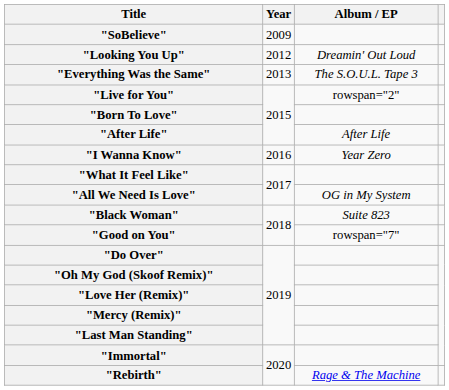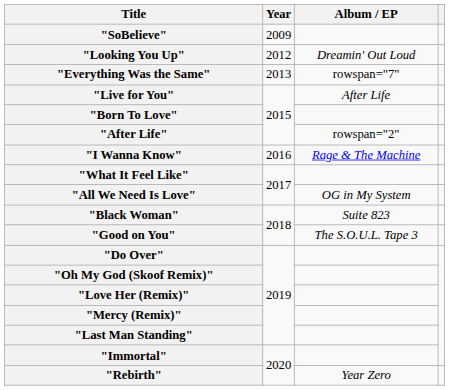 <table class="wikitable plainrowheaders" style="text-align:center;">
 <tr>
 <th scope="col", style="width:320px;">Title</th>
 <th scope="col">Year</th>
 <th scope="col", style="width:175px;">Album / EP</th>
 <th scope="col"></th>
 </tr>
 <tr>
 <th scope="row">"SoBelieve"<br></th>
 <td style="text-align:center;">2009</td>
 <td></td>
 <td style="text-align:center;"></td>
 </tr>
 <tr>
 <th scope="row">"Looking You Up"<br></th>
 <td style="text-align:center;">2012</td>
 <td><em>Dreamin' Out Loud</em></td>
 <td style="text-align:center;"></td>
 </tr>
 <tr>
 <th scope="row">"Everything Was the Same"<br></th>
 <td style="text-align:center;">2013</td>
-<td><em>The S.O.U.L. Tape 3</em></td>
+<td>rowspan="7" </td>
 <td style="text-align:center;"></td>
 </tr>
 <tr>
 <th scope="row">"Live for You"<br></th>
 <td rowspan="3", style="text-align:center;">2015</td>
-<td>rowspan="2" </td>
+<td><em>After Life</em></td>
 <td style="text-align:center;"></td>
 </tr>
 <tr>
 <th scope="row">"Born To Love"<br></th>
 <td style="text-align:center;"></td>
 </tr>
 <tr>
 <th scope="row">"After Life"<br></th>
-<td><em>After Life</em></td>
+<td>rowspan="2" </td>
 <td style="text-align:center;"></td>
 </tr>
 <tr>
 <th scope="row">"I Wanna Know"<br></th>
 <td style="text-align:center;">2016</td>
-<td><em>Year Zero</em></td>
+<td><em><a href='#'>Rage & The Machine</a></em></td>
 <td style="text-align:center;"></td>
 </tr>
 <tr>
 <th scope="row">"What It Feel Like"<br></th>
 <td rowspan="2", style="text-align:center;">2017</td>
 <td></td>
 <td style="text-align:center;"></td>
 </tr>
 <tr>
 <th scope="row">"All We Need Is Love"<br></th>
 <td><em>OG in My System</em></td>
 <td style="text-align:center;"></td>
 </tr>
 <tr>
 <th scope="row">"Black Woman"<br></th>
 <td rowspan="2", style="text-align:center;">2018</td>
 <td><em>Suite 823</em></td>
 <td style="text-align:center;"></td>
 </tr>
 <tr>
 <th scope="row">"Good on You"<br></th>
-<td>rowspan="7" </td>
+<td><em>The S.O.U.L. Tape 3</em></td>
 <td style="text-align:center;"></td>
 </tr>
 <tr>
 <th scope="row">"Do Over"<br></th>
 <td rowspan="5", style="text-align:center;">2019</td>
 <td style="text-align:center;"></td>
 </tr>
 <tr>
 <th scope="row">"Oh My God (Skoof Remix)"<br></th>
 <td style="text-align:center;"></td>
 </tr>
 <tr>
 <th scope="row">"Love Her (Remix)"<br></th>
 <td style="text-align:center;"></td>
 </tr>
 <tr>
 <th scope="row">"Mercy (Remix)"<br></th>
 <td style="text-align:center;"></td>
 </tr>
 <tr>
 <th scope="row">"Last Man Standing"<br></th>
 <td style="text-align:center;"></td>
 </tr>
 <tr>
 <th scope="row">"Immortal"<br></th>
 <td rowspan="2", style="text-align:center;">2020</td>
 <td style="text-align:center;"></td>
 </tr>
 <tr>
 <th scope="row">"Rebirth"<br></th>
-<td><em><a href='#'>Rage & The Machine</a></em></td>
+<td><em>Year Zero</em></td>
 <td style="text-align:center;"></td>
 </tr>
 </table>
